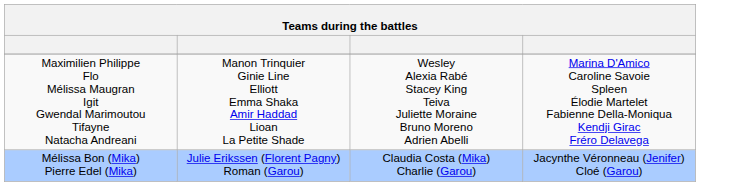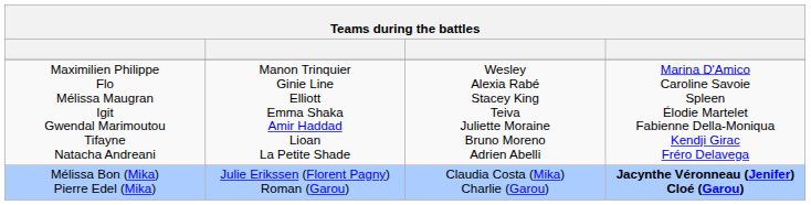 <table class="wikitable">
 <tr>
 <th colspan=4 style="width:95%;"><br>Teams during the battles</th>
 </tr>
 <tr>
 <th scope="col" style="width:23%;"><br></th>
 <th scope="col" style="width:23%;"><br></th>
 <th scope="col" style="width:23%;"><br></th>
 <th scope="col" style="width:23%;"><br></th>
 </tr>
 <tr>
 </tr>
 <tr align="center" valign="top">
 <td>Maximilien Philippe<br>Flo<br>Mélissa Maugran<br>Igit<br>Gwendal Marimoutou<br>Tifayne<br>Natacha Andreani</td>
 <td>Manon Trinquier<br>Ginie Line<br>Elliott<br>Emma Shaka<br><a href='#'>Amir Haddad</a><br>Lioan<br>La Petite Shade</td>
 <td>Wesley<br>Alexia Rabé<br>Stacey King<br>Teiva<br>Juliette Moraine<br>Bruno Moreno<br>Adrien Abelli</td>
 <td><a href='#'>Marina D'Amico</a><br>Caroline Savoie<br>Spleen<br>Élodie Martelet<br>Fabienne Della-Moniqua<br><a href='#'>Kendji Girac</a><br><a href='#'>Fréro Delavega</a></td>
 </tr>
 <tr align="center" valign="top">
 <td style="background:#aaccff">Mélissa Bon (<a href='#'>Mika</a>)<br>Pierre Edel (<a href='#'>Mika</a>)</td>
 <td style="background:#aaccff"><a href='#'>Julie Erikssen</a> (<a href='#'>Florent Pagny</a>)<br>Roman (<a href='#'>Garou</a>)</td>
 <td style="background:#aaccff">Claudia Costa (<a href='#'>Mika</a>)<br>Charlie (<a href='#'>Garou</a>)</td>
-<td style="background:#aaccff">Jacynthe Véronneau (<a href='#'>Jenifer</a>)<br>Cloé (<a href='#'>Garou</a>)</td>
+<td style="background:#aaccff"><strong>Jacynthe Véronneau (<a href='#'>Jenifer</a>)<br>Cloé (<a href='#'>Garou</a>)</strong></td>
 </tr>
 </table>
